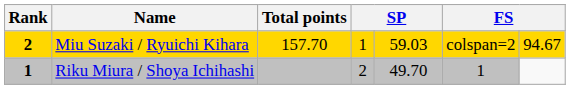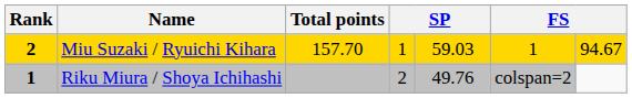 <table class="wikitable sortable">
 <tr>
 <th>Rank</th>
 <th>Name</th>
 <th>Total points</th>
 <th colspan="2" width="80px"><a href='#'>SP</a></th>
 <th colspan="2" width="80px"><a href='#'>FS</a></th>
 </tr>
 <tr bgcolor="gold">
 <td align="center"><strong>2</strong></td>
 <td><a href='#'>Miu Suzaki</a> / <a href='#'>Ryuichi Kihara</a></td>
 <td align="center">157.70</td>
 <td align="center">1</td>
 <td align="center">59.03</td>
-<td>colspan=2 </td>
+<td align="center">1</td>
 <td align="center">94.67</td>
 </tr>
 <tr bgcolor="silver">
 <td align="center"><strong>1</strong></td>
 <td><a href='#'>Riku Miura</a> / <a href='#'>Shoya Ichihashi</a></td>
 <td></td>
 <td align="center">2</td>
-<td align="center">49.70</td>
-<td align="center">1</td>
+<td align="center">49.76</td>
+<td>colspan=2 </td>
 </tr>
 </table>
